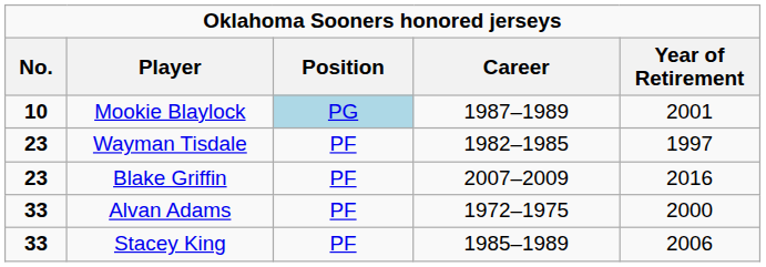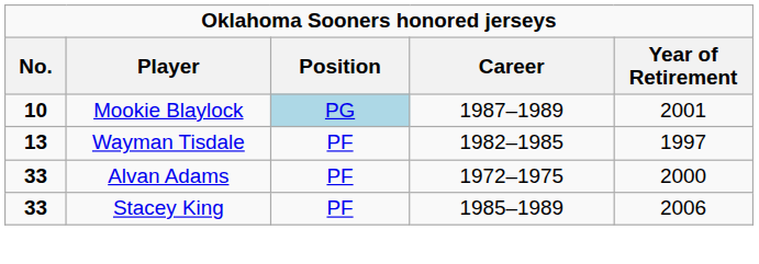 <table class="wikitable sortable" style="text-align:center">
 <tr>
 <td colspan="5"><strong>Oklahoma Sooners honored jerseys</strong></td>
 </tr>
 <tr>
 <th width=40px>No.</th>
 <th width=150px>Player</th>
 <th width=100px>Position</th>
 <th width=150px>Career</th>
 <th width=100px>Year of Retirement</th>
 </tr>
 <tr>
 <td><strong>10</strong></td>
 <td><a href='#'>Mookie Blaylock</a></td>
 <td style="background: lightblue;"><a href='#'>PG</a></td>
 <td>1987–1989</td>
 <td>2001</td>
 </tr>
 <tr>
-<td><strong>23</strong></td>
+<td><strong>13</strong></td>
 <td><a href='#'>Wayman Tisdale </a></td>
 <td><a href='#'>PF</a></td>
 <td>1982–1985</td>
 <td>1997</td>
-</tr>
-<tr>
-<td><strong>23</strong></td>
-<td><a href='#'>Blake Griffin</a></td>
-<td><a href='#'>PF</a></td>
-<td>2007–2009</td>
-<td>2016</td>
 </tr>
 <tr>
 <td><strong>33</strong></td>
 <td><a href='#'>Alvan Adams</a></td>
 <td><a href='#'>PF</a></td>
 <td>1972–1975</td>
 <td>2000</td>
 </tr>
 <tr>
 <td><strong>33</strong></td>
 <td><a href='#'>Stacey King</a></td>
 <td><a href='#'>PF</a></td>
 <td>1985–1989</td>
 <td>2006</td>
 </tr>
 </table>
